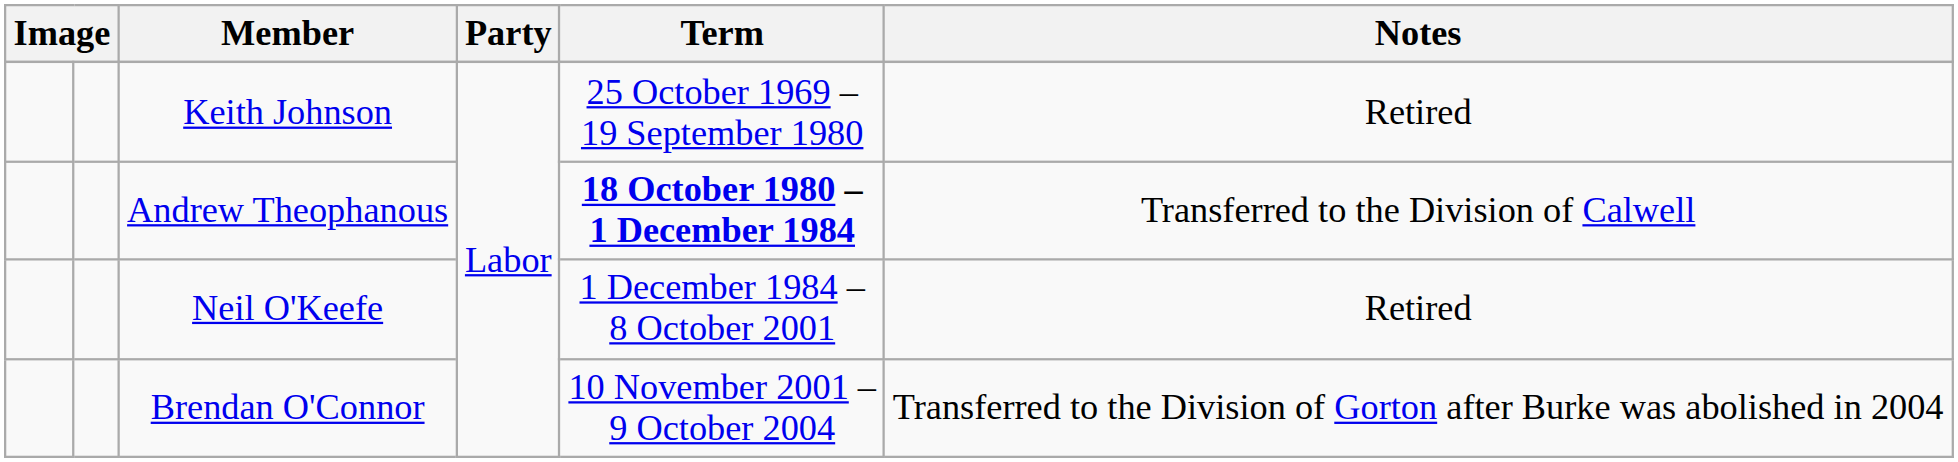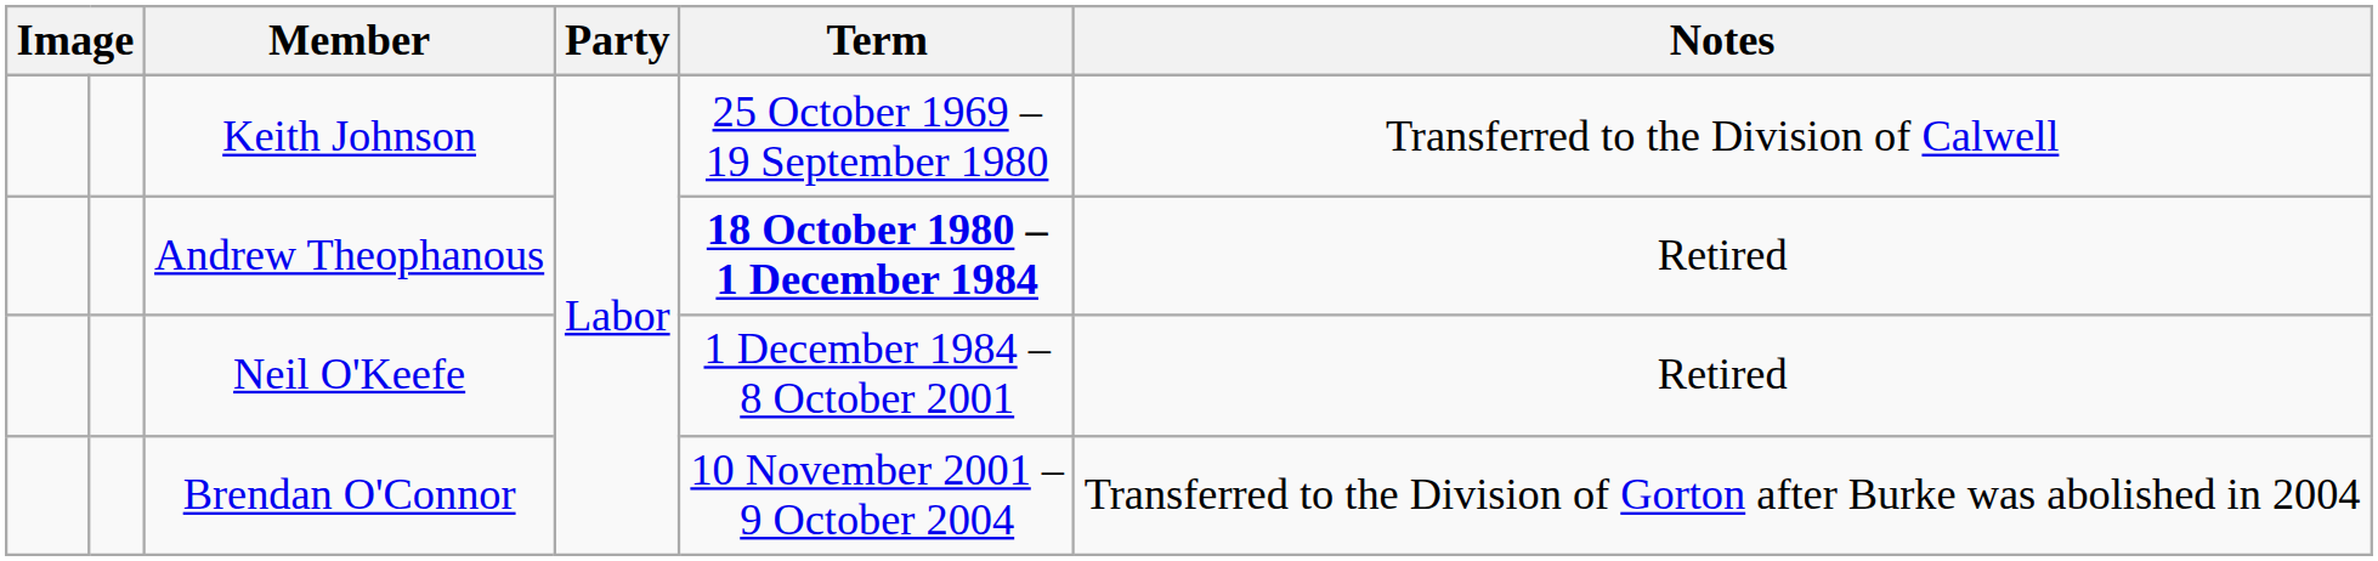 <table class=wikitable style="text-align:center">
 <tr>
 <th colspan=2>Image</th>
 <th>Member</th>
 <th>Party</th>
 <th>Term</th>
 <th>Notes</th>
 </tr>
 <tr>
 </tr>
 <tr>
 <td> </td>
 <td></td>
 <td><a href='#'>Keith Johnson</a><br></td>
 <td rowspan="4"><a href='#'>Labor</a></td>
 <td nowrap><a href='#'>25 October 1969</a> –<br><a href='#'>19 September 1980</a></td>
-<td>Retired</td>
+<td>Transferred to the Division of <a href='#'>Calwell</a></td>
 </tr>
 <tr>
 <td> </td>
 <td></td>
 <td><a href='#'>Andrew Theophanous</a><br></td>
 <td nowrap><strong><a href='#'>18 October 1980</a> –<br><a href='#'>1 December 1984</a></strong></td>
-<td>Transferred to the Division of <a href='#'>Calwell</a></td>
+<td>Retired</td>
 </tr>
 <tr>
 <td> </td>
 <td></td>
 <td><a href='#'>Neil O'Keefe</a><br></td>
 <td nowrap><a href='#'>1 December 1984</a> –<br><a href='#'>8 October 2001</a></td>
 <td>Retired</td>
 </tr>
 <tr>
 <td> </td>
 <td></td>
 <td><a href='#'>Brendan O'Connor</a><br></td>
 <td nowrap><a href='#'>10 November 2001</a> –<br><a href='#'>9 October 2004</a></td>
 <td>Transferred to the Division of <a href='#'>Gorton</a> after Burke was abolished in 2004</td>
 </tr>
 </table>
